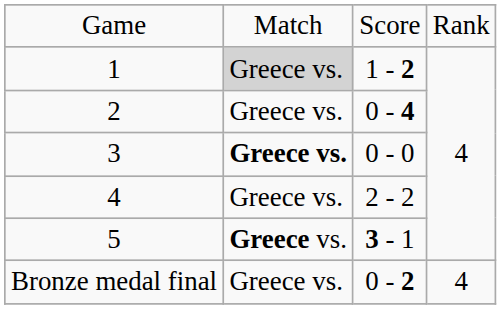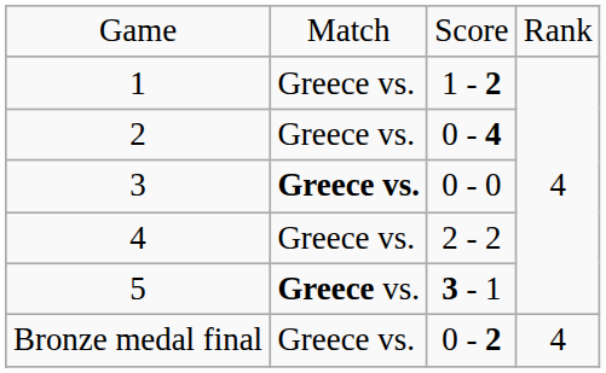 <table class="wikitable">
 <tr>
 <td style="text-align:center;">Game</td>
 <td style="text-align:center;">Match</td>
 <td style="text-align:center;">Score</td>
 <td style="text-align:center;">Rank</td>
 </tr>
 <tr>
 <td style="text-align:center;">1</td>
-<td style="background: lightgrey;">Greece vs. <strong></strong></td>
+<td>Greece vs. <strong></strong></td>
 <td style="text-align:center;">1 - <strong>2</strong></td>
 <td rowspan="5" style="text-align:center;">4</td>
 </tr>
 <tr>
 <td style="text-align:center;">2</td>
 <td>Greece vs. <strong></strong></td>
 <td style="text-align:center;">0 - <strong>4</strong></td>
 </tr>
 <tr>
 <td style="text-align:center;">3</td>
 <td><strong>Greece vs. </strong></td>
 <td style="text-align:center;">0 - 0</td>
 </tr>
 <tr>
 <td style="text-align:center;">4</td>
 <td>Greece vs. </td>
 <td style="text-align:center;">2 - 2</td>
 </tr>
 <tr>
 <td style="text-align:center;">5</td>
 <td><strong>Greece</strong> vs. </td>
 <td style="text-align:center;"><strong>3</strong> - 1</td>
 </tr>
 <tr>
 <td style="text-align:center;">Bronze medal final</td>
 <td>Greece vs. <strong></strong></td>
 <td style="text-align:center;">0 - <strong>2</strong></td>
 <td style="text-align:center;">4</td>
 </tr>
 </table>
